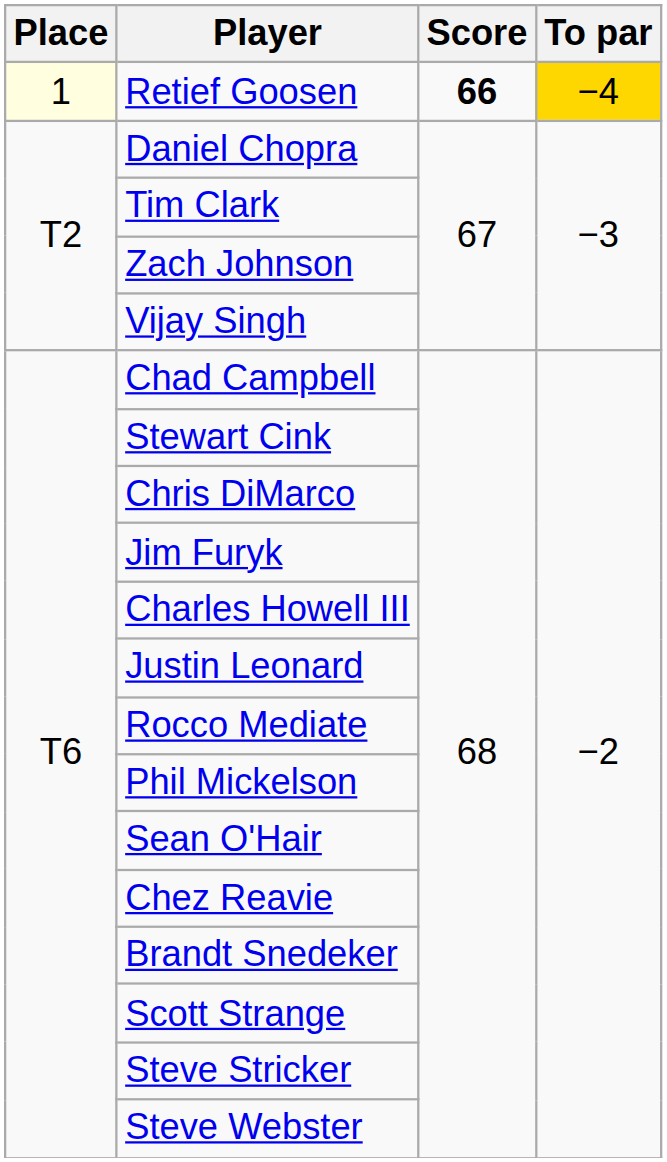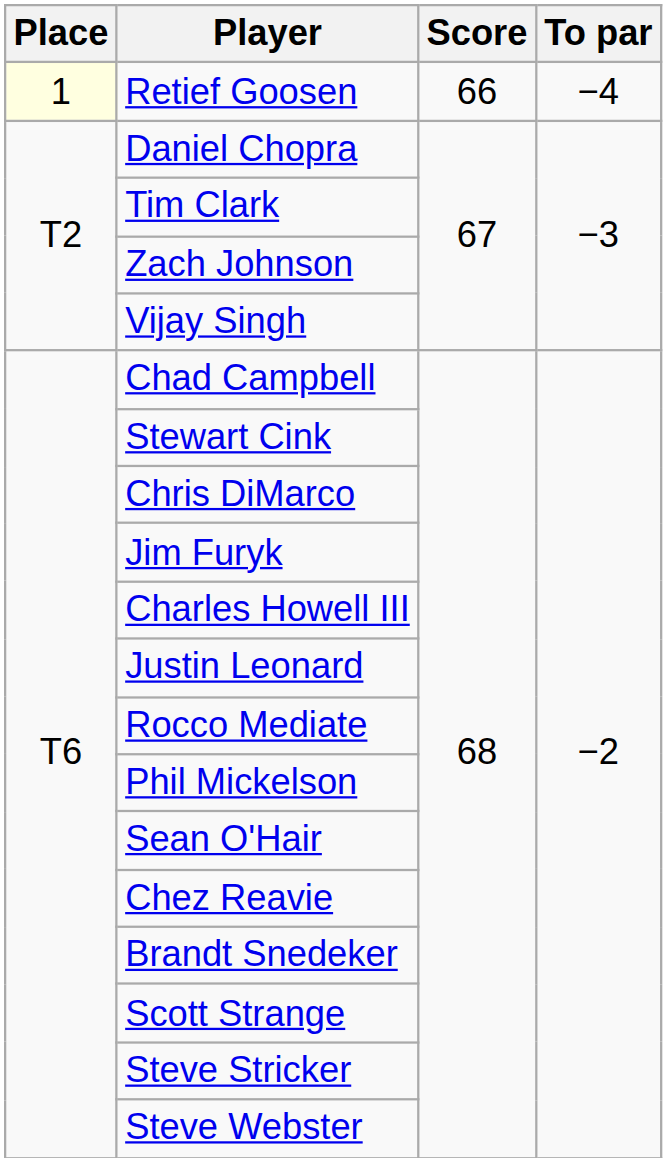 <table class="wikitable">
 <tr>
 <th>Place</th>
 <th>Player</th>
 <th>Score</th>
 <th>To par</th>
 </tr>
 <tr>
 <td align=center style="background: lightyellow;">1</td>
 <td> <a href='#'>Retief Goosen</a></td>
-<td align=center><strong>66</strong></td>
-<td align=center style="background: gold;">−4</td>
+<td align=center>66</td>
+<td align=center>−4</td>
 </tr>
 <tr>
 <td rowspan="4" align=center>T2</td>
 <td> <a href='#'>Daniel Chopra</a></td>
 <td rowspan="4" align=center>67</td>
 <td rowspan="4" align=center>−3</td>
 </tr>
 <tr>
 <td> <a href='#'>Tim Clark</a></td>
 </tr>
 <tr>
 <td> <a href='#'>Zach Johnson</a></td>
 </tr>
 <tr>
 <td> <a href='#'>Vijay Singh</a></td>
 </tr>
 <tr>
 <td rowspan="14" align=center>T6</td>
 <td> <a href='#'>Chad Campbell</a></td>
 <td rowspan="14" align=center>68</td>
 <td rowspan="14" align=center>−2</td>
 </tr>
 <tr>
 <td> <a href='#'>Stewart Cink</a></td>
 </tr>
 <tr>
 <td> <a href='#'>Chris DiMarco</a></td>
 </tr>
 <tr>
 <td> <a href='#'>Jim Furyk</a></td>
 </tr>
 <tr>
 <td> <a href='#'>Charles Howell III</a></td>
 </tr>
 <tr>
 <td> <a href='#'>Justin Leonard</a></td>
 </tr>
 <tr>
 <td> <a href='#'>Rocco Mediate</a></td>
 </tr>
 <tr>
 <td> <a href='#'>Phil Mickelson</a></td>
 </tr>
 <tr>
 <td> <a href='#'>Sean O'Hair</a></td>
 </tr>
 <tr>
 <td> <a href='#'>Chez Reavie</a></td>
 </tr>
 <tr>
 <td> <a href='#'>Brandt Snedeker</a></td>
 </tr>
 <tr>
 <td> <a href='#'>Scott Strange</a></td>
 </tr>
 <tr>
 <td> <a href='#'>Steve Stricker</a></td>
 </tr>
 <tr>
 <td> <a href='#'>Steve Webster</a></td>
 </tr>
 </table>
